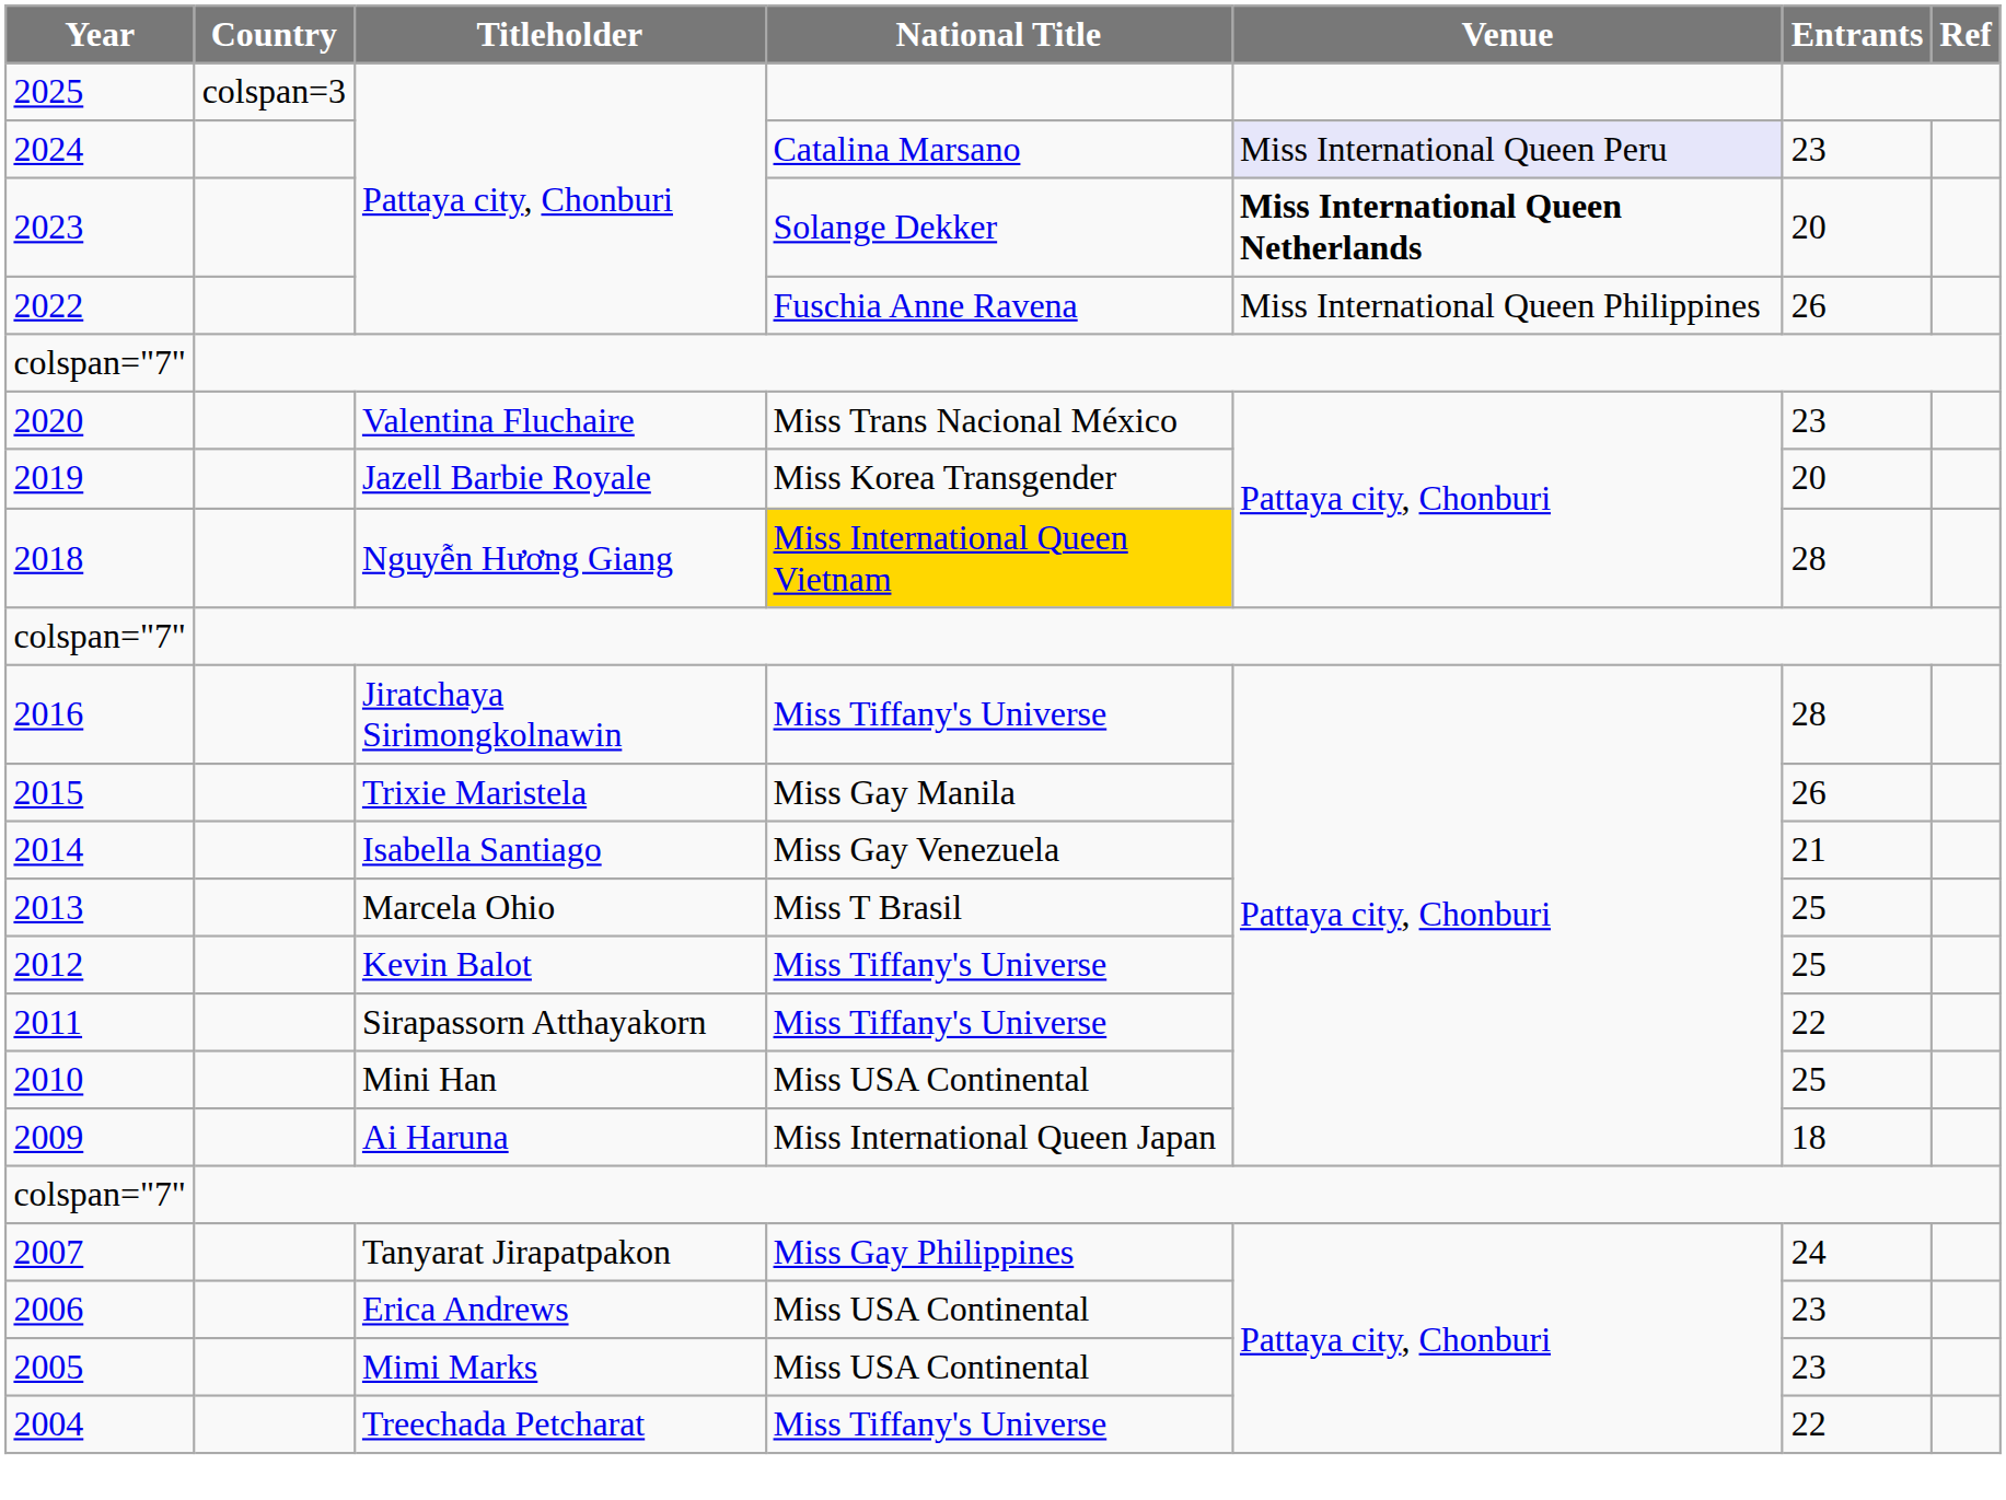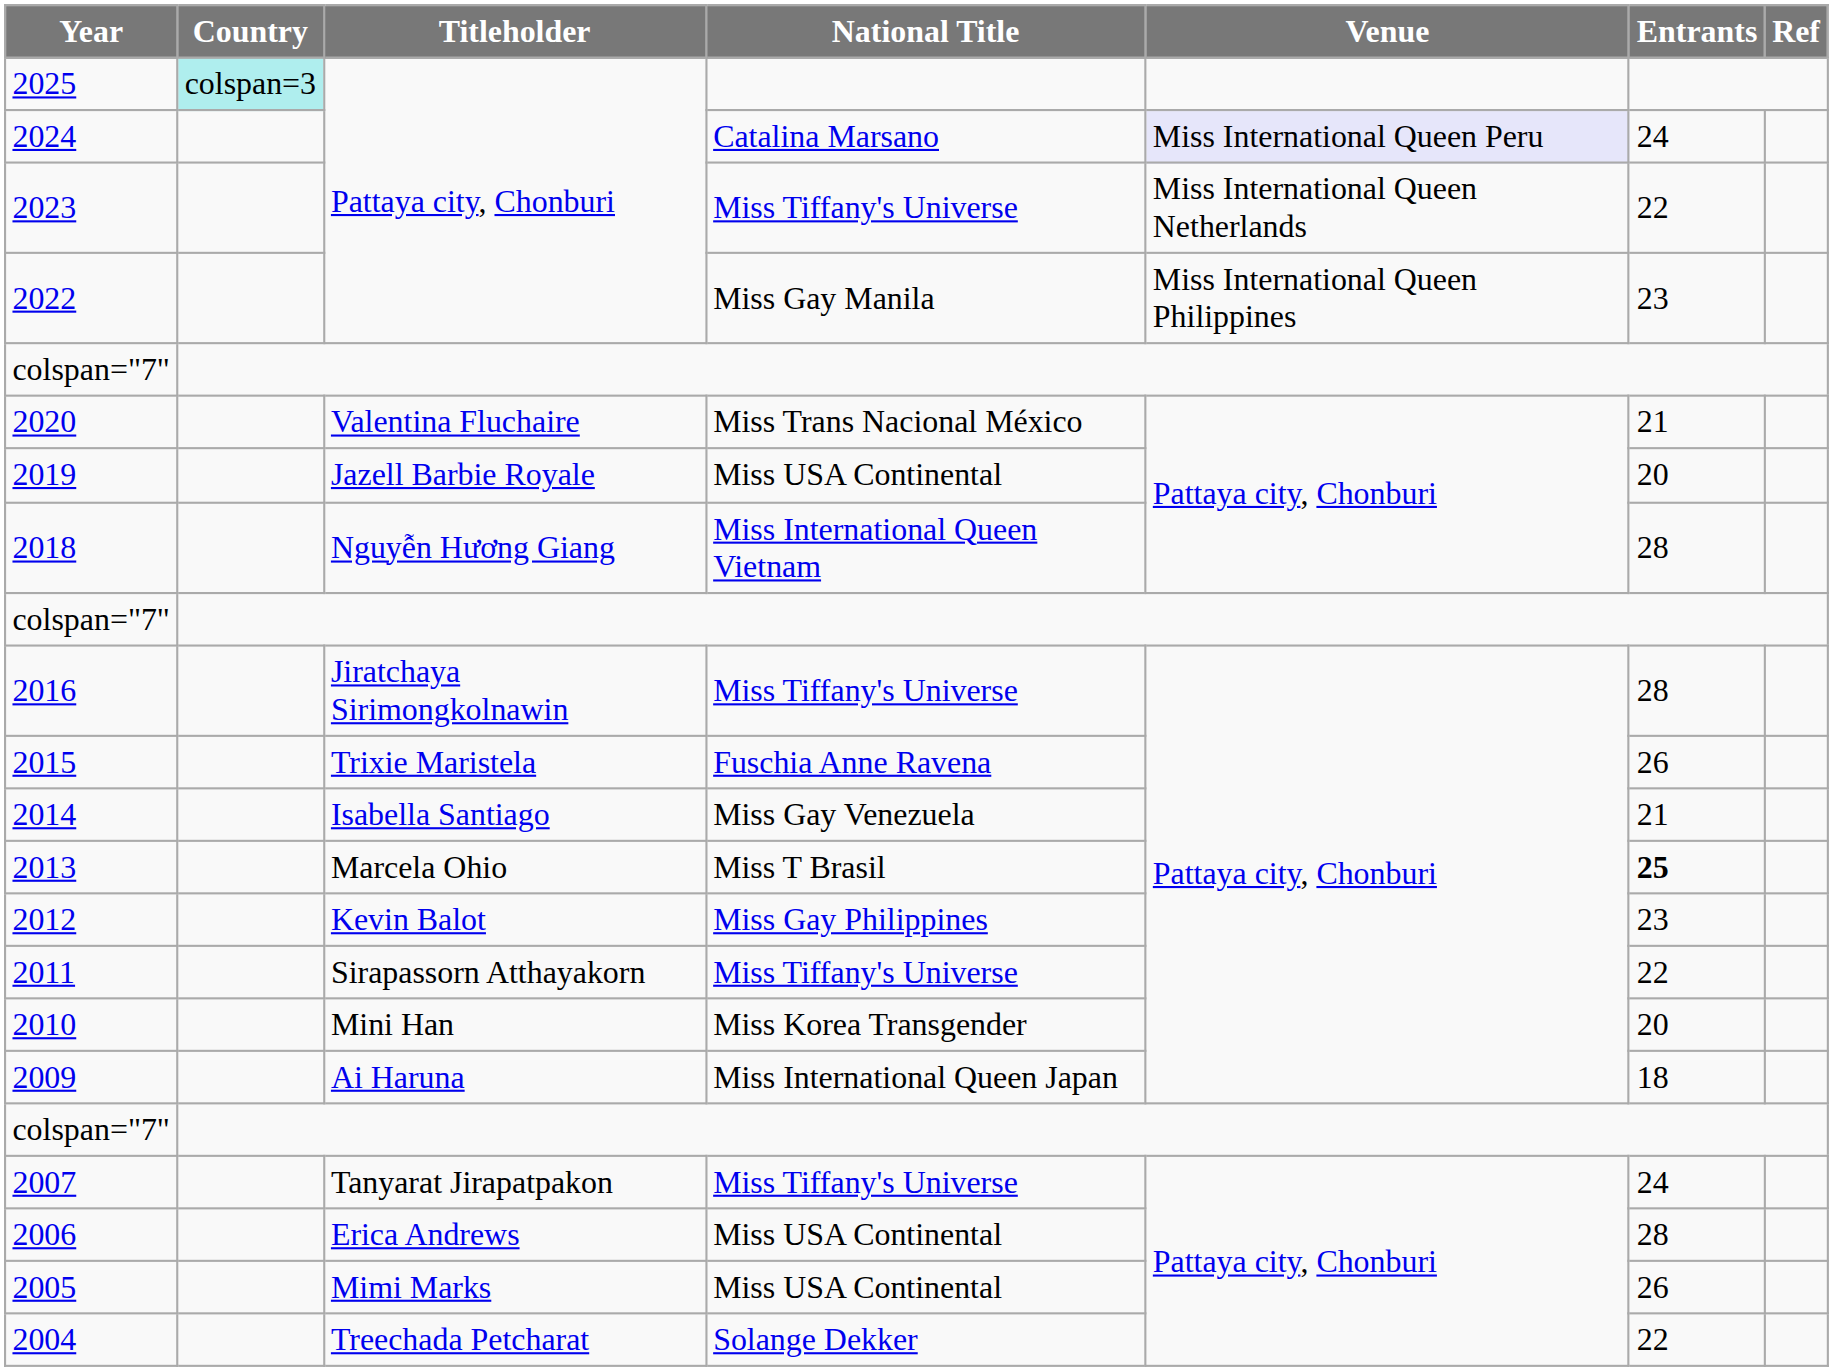 <table class="wikitable sortable" style="font-size: 95%;">
 <tr>
 <th style="background-color:#787878;color:#FFFFFF;">Year</th>
 <th style="background-color:#787878;color:#FFFFFF;">Country</th>
 <th style="background-color:#787878;color:#FFFFFF;">Titleholder</th>
 <th style="background-color:#787878;color:#FFFFFF;">National Title</th>
 <th style="background-color:#787878;color:#FFFFFF;">Venue</th>
 <th style="background-color:#787878;color:#FFFFFF;">Entrants</th>
 <th style="background-color:#787878;color:#FFFFFF;">Ref</th>
 </tr>
 <tr>
 <td><a href='#'>2025</a></td>
-<td>colspan=3 </td>
+<td style="background: paleturquoise;">colspan=3 </td>
 <td rowspan="4"><a href='#'>Pattaya city</a>, <a href='#'>Chonburi</a></td>
 <td></td>
 <td></td>
 </tr>
 <tr>
 <td><a href='#'>2024</a></td>
 <td></td>
 <td><a href='#'>Catalina Marsano</a></td>
 <td style="background: lavender;">Miss International Queen Peru</td>
-<td>23</td>
+<td>24</td>
 <td></td>
 </tr>
 <tr>
 <td><a href='#'>2023</a></td>
 <td></td>
-<td><a href='#'>Solange Dekker</a></td>
-<td><strong>Miss International Queen Netherlands</strong></td>
-<td>20</td>
+<td><a href='#'>Miss Tiffany's Universe</a></td>
+<td>Miss International Queen Netherlands</td>
+<td>22</td>
 <td></td>
 </tr>
 <tr>
 <td><a href='#'>2022</a></td>
 <td></td>
-<td><a href='#'>Fuschia Anne Ravena</a></td>
+<td>Miss Gay Manila</td>
 <td>Miss International Queen Philippines</td>
-<td>26</td>
+<td>23</td>
 <td></td>
 </tr>
 <tr>
 <td>colspan="7" </td>
 </tr>
 <tr>
 <td><a href='#'>2020</a></td>
 <td></td>
 <td><a href='#'>Valentina Fluchaire</a></td>
 <td>Miss Trans Nacional México</td>
 <td rowspan="3"><a href='#'>Pattaya city</a>, <a href='#'>Chonburi</a></td>
-<td>23</td>
+<td>21</td>
 <td></td>
 </tr>
 <tr>
 <td><a href='#'>2019</a></td>
 <td></td>
 <td><a href='#'>Jazell Barbie Royale</a></td>
-<td>Miss Korea Transgender</td>
+<td>Miss USA Continental</td>
 <td>20</td>
 <td></td>
 </tr>
 <tr>
 <td><a href='#'>2018</a></td>
 <td></td>
 <td><a href='#'>Nguyễn Hương Giang</a></td>
-<td style="background: gold;"><a href='#'>Miss International Queen Vietnam</a></td>
+<td><a href='#'>Miss International Queen Vietnam</a></td>
 <td>28</td>
 <td></td>
 </tr>
 <tr>
 <td>colspan="7" </td>
 </tr>
 <tr>
 <td><a href='#'>2016</a></td>
 <td></td>
 <td><a href='#'>Jiratchaya Sirimongkolnawin</a></td>
 <td><a href='#'>Miss Tiffany's Universe</a></td>
 <td rowspan="8"><a href='#'>Pattaya city</a>, <a href='#'>Chonburi</a></td>
 <td>28</td>
 <td></td>
 </tr>
 <tr>
 <td><a href='#'>2015</a></td>
 <td></td>
 <td><a href='#'>Trixie Maristela</a></td>
-<td>Miss Gay Manila</td>
+<td><a href='#'>Fuschia Anne Ravena</a></td>
 <td>26</td>
 <td></td>
 </tr>
 <tr>
 <td><a href='#'>2014</a></td>
 <td></td>
 <td><a href='#'>Isabella Santiago</a></td>
 <td>Miss Gay Venezuela</td>
 <td>21</td>
 <td></td>
 </tr>
 <tr>
 <td><a href='#'>2013</a></td>
 <td></td>
 <td>Marcela Ohio</td>
 <td>Miss T Brasil</td>
-<td>25</td>
+<td><strong>25</strong></td>
 <td></td>
 </tr>
 <tr>
 <td><a href='#'>2012</a></td>
 <td></td>
 <td><a href='#'>Kevin Balot</a></td>
-<td><a href='#'>Miss Tiffany's Universe</a></td>
-<td>25</td>
+<td><a href='#'>Miss Gay Philippines</a></td>
+<td>23</td>
 <td></td>
 </tr>
 <tr>
 <td><a href='#'>2011</a></td>
 <td></td>
 <td>Sirapassorn Atthayakorn</td>
 <td><a href='#'>Miss Tiffany's Universe</a></td>
 <td>22</td>
 <td></td>
 </tr>
 <tr>
 <td><a href='#'>2010</a></td>
 <td></td>
 <td>Mini Han</td>
-<td>Miss USA Continental</td>
-<td>25</td>
+<td>Miss Korea Transgender</td>
+<td>20</td>
 <td></td>
 </tr>
 <tr>
 <td><a href='#'>2009</a></td>
 <td></td>
 <td><a href='#'>Ai Haruna</a></td>
 <td>Miss International Queen Japan</td>
 <td>18</td>
 <td></td>
 </tr>
 <tr>
 <td>colspan="7" </td>
 </tr>
 <tr>
 <td><a href='#'>2007</a></td>
 <td></td>
 <td>Tanyarat Jirapatpakon</td>
-<td><a href='#'>Miss Gay Philippines</a></td>
+<td><a href='#'>Miss Tiffany's Universe</a></td>
 <td rowspan="4"><a href='#'>Pattaya city</a>, <a href='#'>Chonburi</a></td>
 <td>24</td>
 <td></td>
 </tr>
 <tr>
 <td><a href='#'>2006</a></td>
 <td></td>
 <td><a href='#'>Erica Andrews</a></td>
 <td>Miss USA Continental</td>
-<td>23</td>
+<td>28</td>
 <td></td>
 </tr>
 <tr>
 <td><a href='#'>2005</a></td>
 <td></td>
 <td><a href='#'>Mimi Marks</a></td>
 <td>Miss USA Continental</td>
-<td>23</td>
+<td>26</td>
 <td></td>
 </tr>
 <tr>
 <td><a href='#'>2004</a></td>
 <td></td>
 <td><a href='#'>Treechada Petcharat</a></td>
-<td><a href='#'>Miss Tiffany's Universe</a></td>
+<td><a href='#'>Solange Dekker</a></td>
 <td>22</td>
 <td></td>
 </tr>
 </table>
